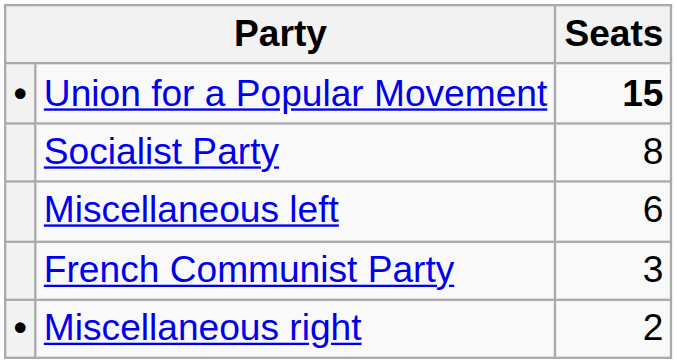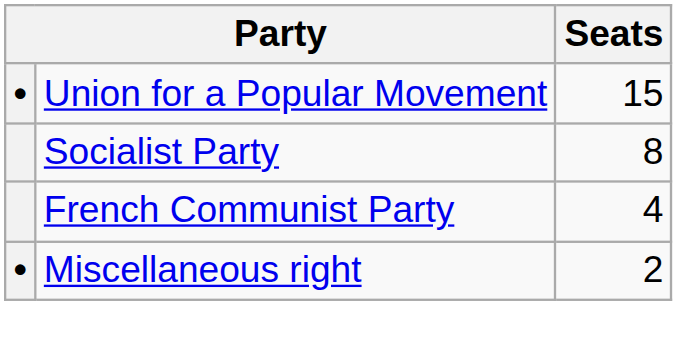 <table class="wikitable">
 <tr>
 <th colspan=2>Party</th>
 <th>Seats</th>
 </tr>
 <tr>
 <th style="background-color: "><span>•</span></th>
 <td><a href='#'>Union for a Popular Movement</a></td>
-<td align="right"><strong>15</strong></td>
+<td align="right">15</td>
 </tr>
 <tr>
 <th style="background-color: "></th>
 <td><a href='#'>Socialist Party</a></td>
 <td align="right">8</td>
 </tr>
 <tr>
 <th style="background-color: "></th>
-<td><a href='#'>Miscellaneous left</a></td>
-<td align="right">6</td>
-</tr>
-<tr>
-<th style="background-color: "></th>
 <td><a href='#'>French Communist Party</a></td>
-<td align="right">3</td>
+<td align="right">4</td>
 </tr>
 <tr>
 <th style="background-color: "><span>•</span></th>
 <td><a href='#'>Miscellaneous right</a></td>
 <td align="right">2</td>
 </tr>
 </table>
